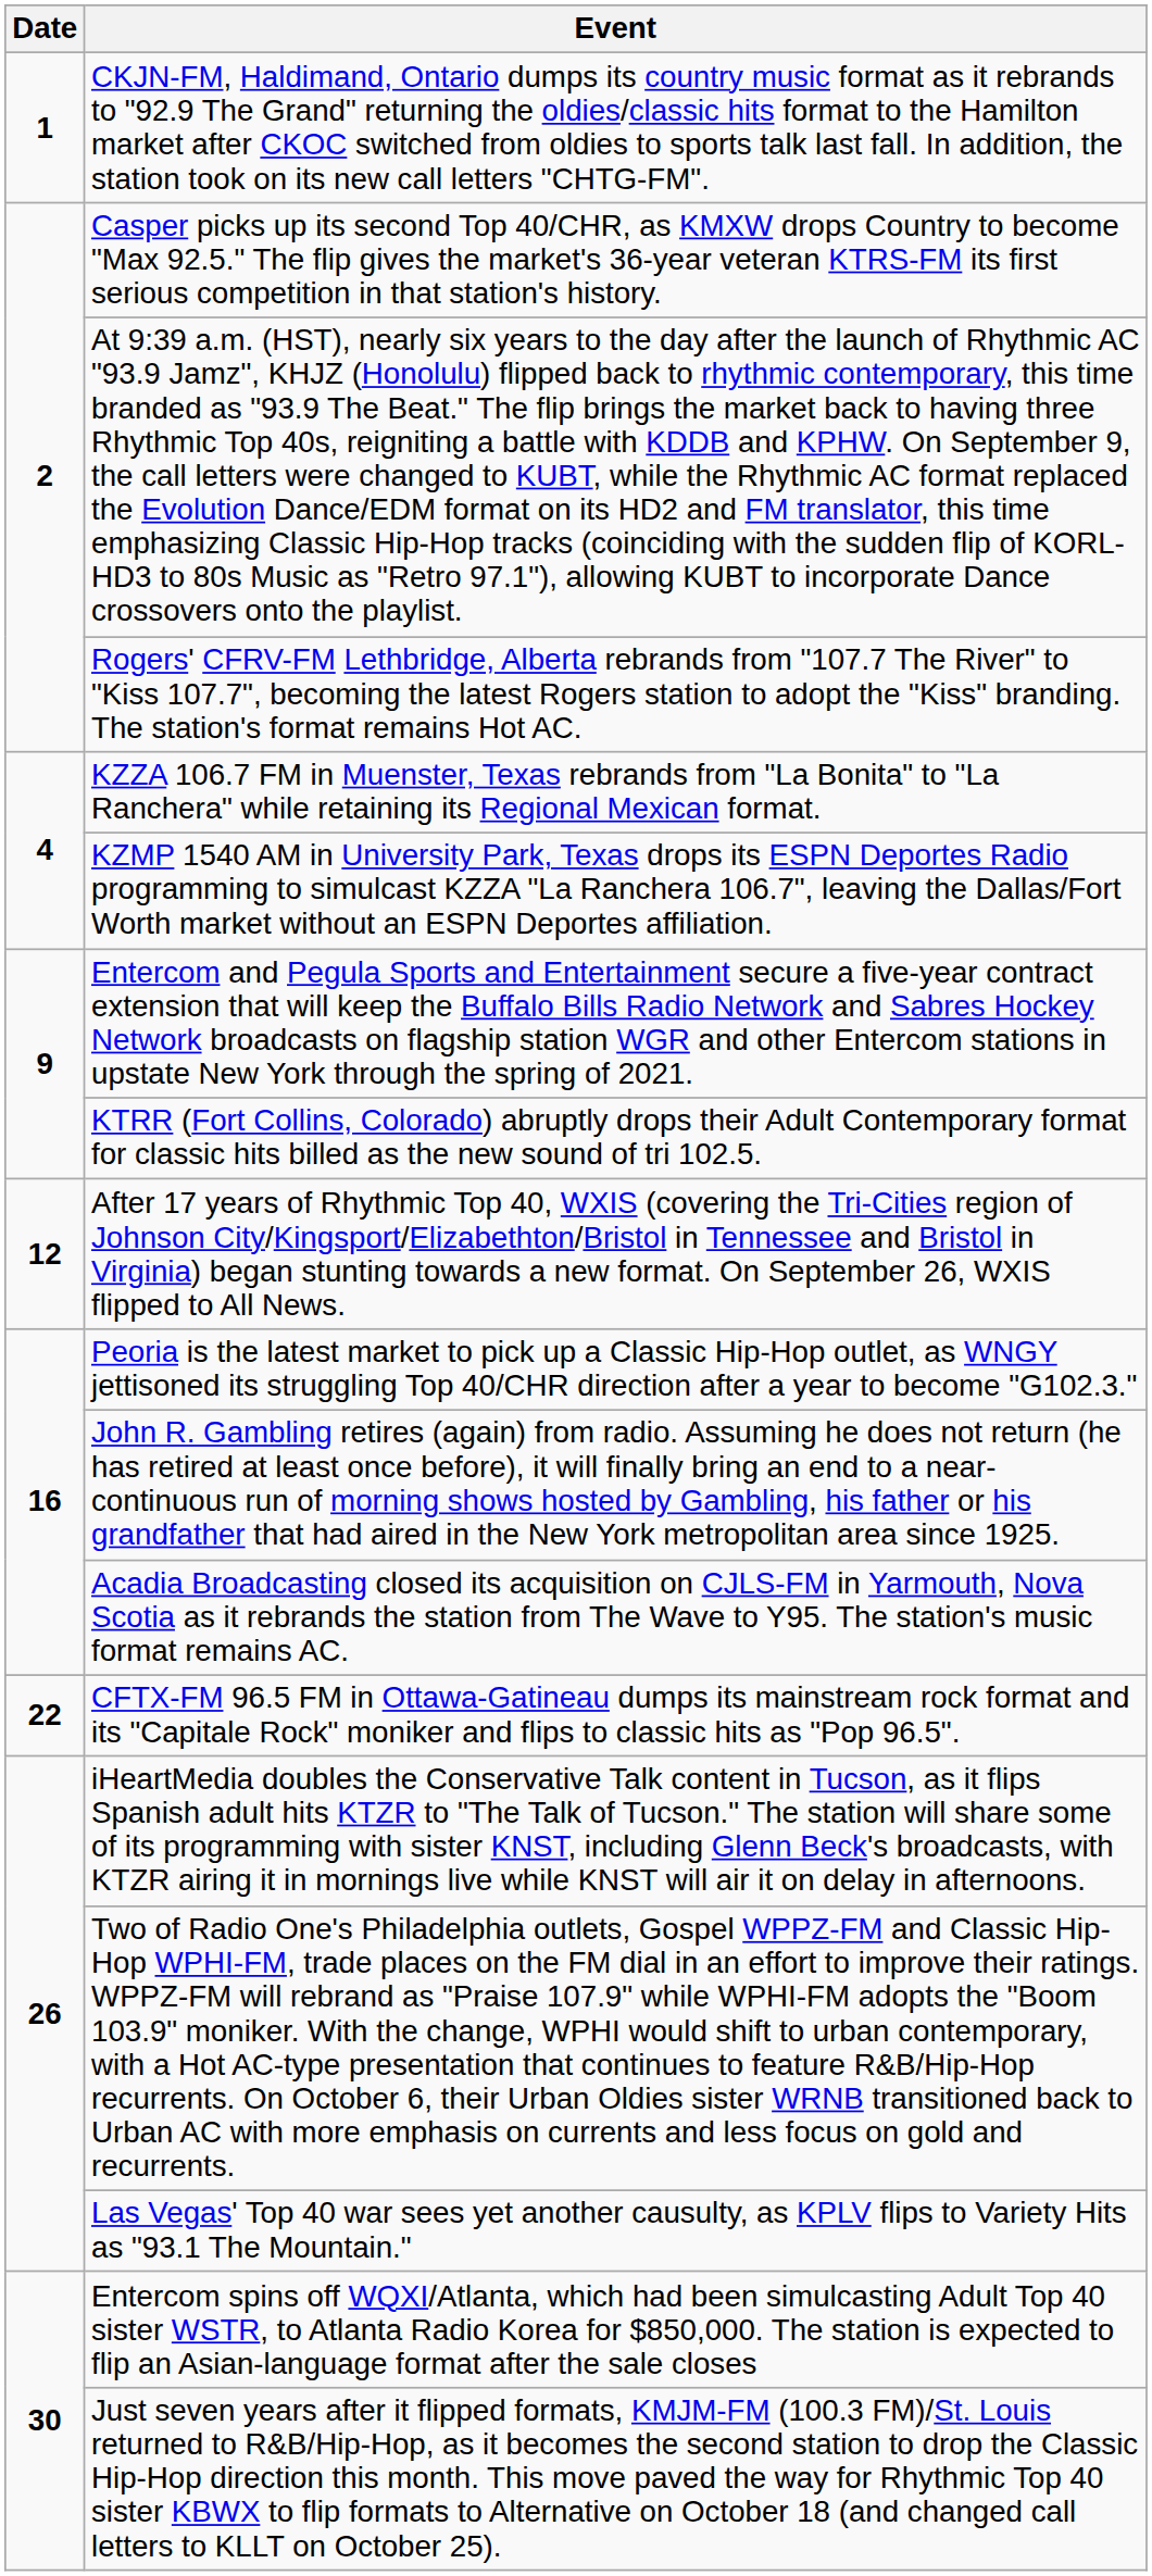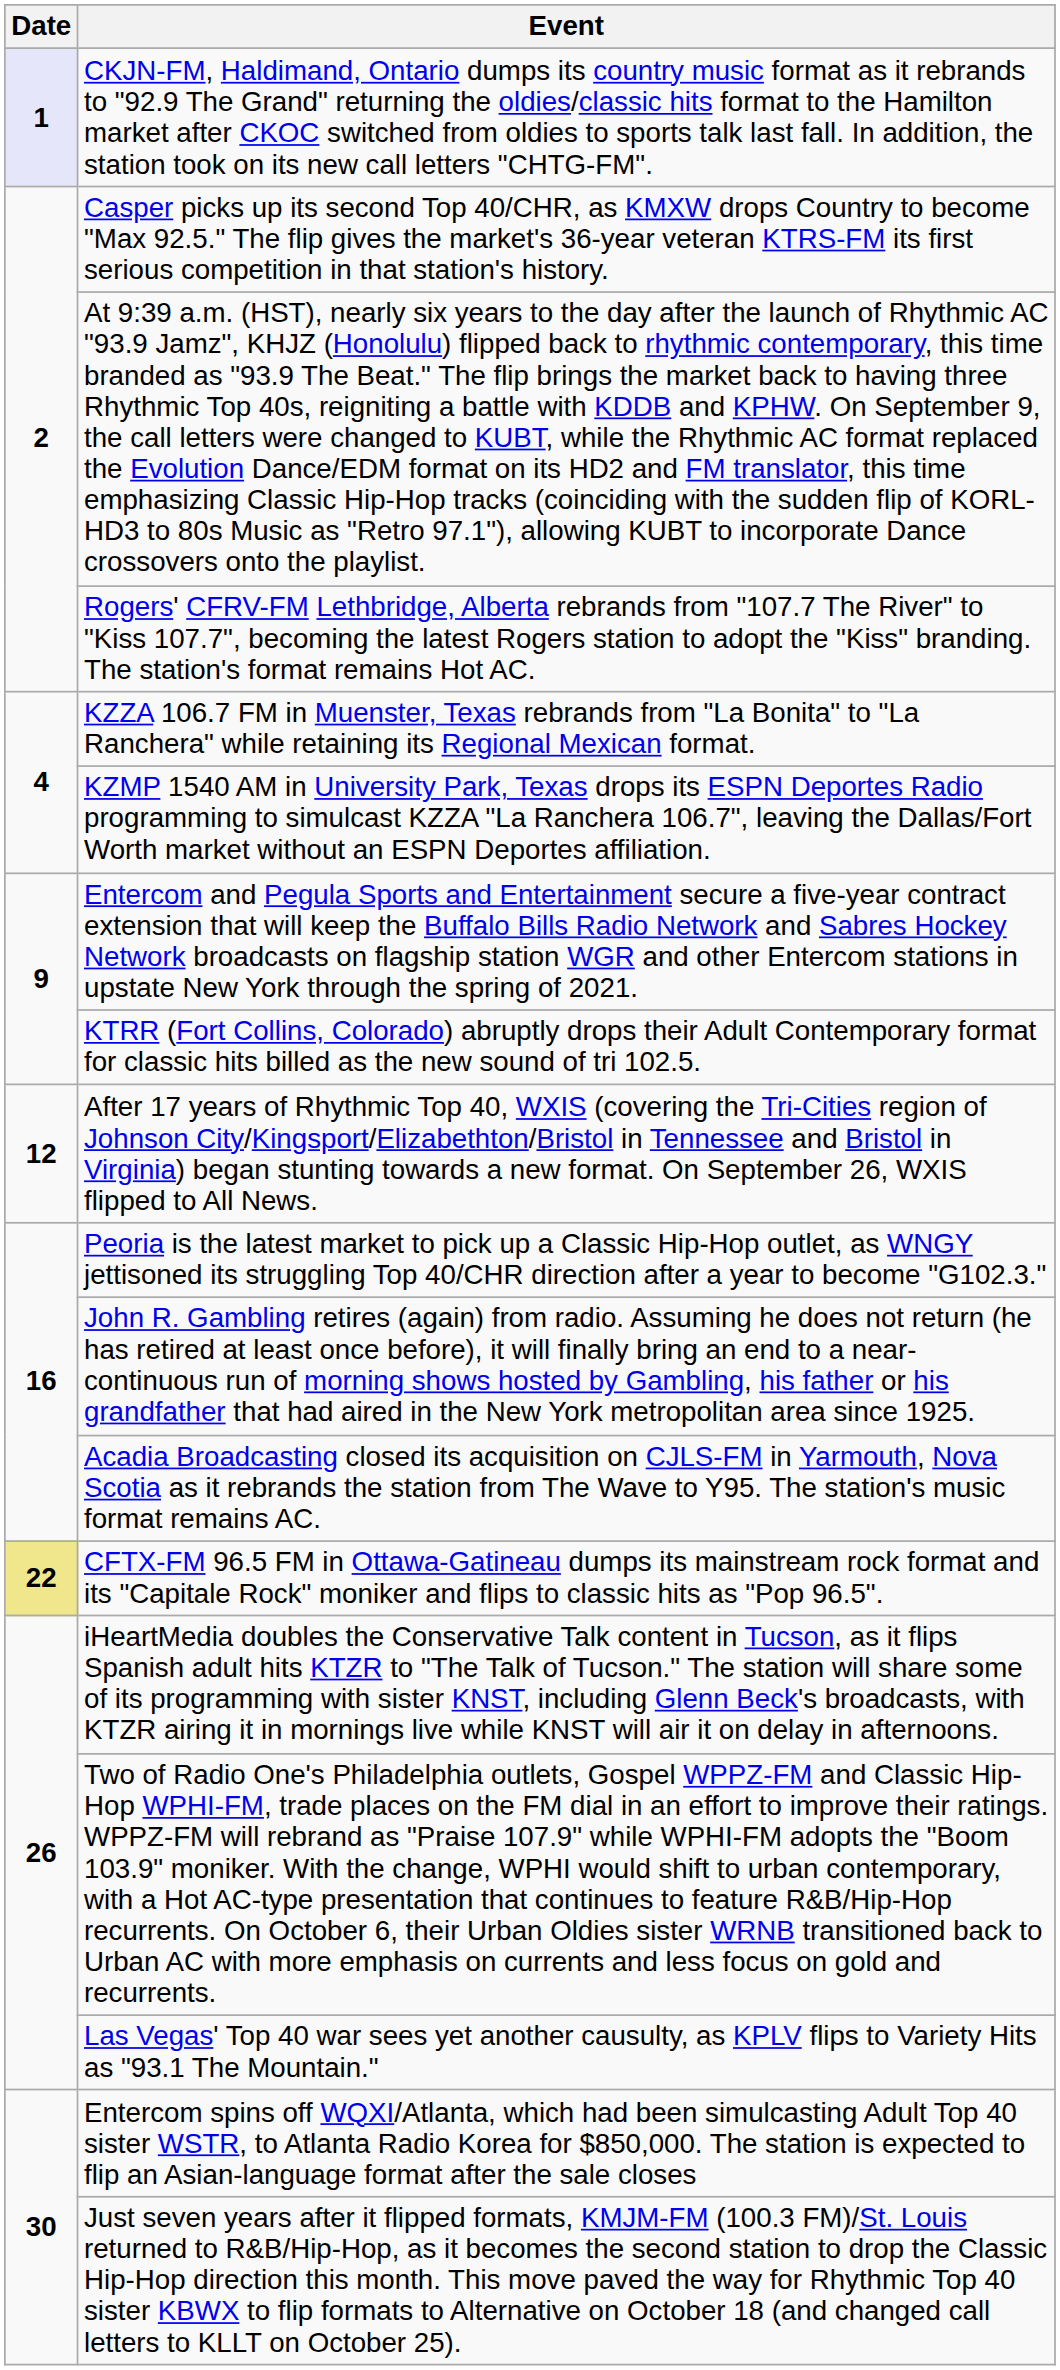 <table class="wikitable">
 <tr>
 <th>Date</th>
 <th>Event</th>
 </tr>
 <tr>
-<td style="text-align:center;"><strong>1</strong></td>
+<td style="background: lavender; text-align:center;"><strong>1</strong></td>
 <td><a href='#'>CKJN-FM</a>, <a href='#'>Haldimand, Ontario</a> dumps its <a href='#'>country music</a> format as it rebrands to "92.9 The Grand" returning the <a href='#'>oldies</a>/<a href='#'>classic hits</a> format to the Hamilton market after <a href='#'>CKOC</a> switched from oldies to sports talk last fall. In addition, the station took on its new call letters "CHTG-FM".</td>
 </tr>
 <tr>
 <td style="text-align:center;" rowspan=3><strong>2</strong></td>
 <td><a href='#'>Casper</a> picks up its second Top 40/CHR, as <a href='#'>KMXW</a> drops Country to become "Max 92.5." The flip gives the market's 36-year veteran <a href='#'>KTRS-FM</a> its first serious competition in that station's history.</td>
 </tr>
 <tr>
 <td>At 9:39 a.m. (HST), nearly six years to the day after the launch of Rhythmic AC "93.9 Jamz", KHJZ (<a href='#'>Honolulu</a>) flipped back to <a href='#'>rhythmic contemporary</a>, this time branded as "93.9 The Beat." The flip brings the market back to having three Rhythmic Top 40s, reigniting a battle with <a href='#'>KDDB</a> and <a href='#'>KPHW</a>. On September 9, the call letters were changed to <a href='#'>KUBT</a>, while the Rhythmic AC format replaced the <a href='#'>Evolution</a> Dance/EDM format on its HD2 and <a href='#'>FM translator</a>, this time emphasizing Classic Hip-Hop tracks (coinciding with the sudden flip of KORL-HD3 to 80s Music as "Retro 97.1"), allowing KUBT to incorporate Dance crossovers onto the playlist.</td>
 </tr>
 <tr>
 <td><a href='#'>Rogers</a>' <a href='#'>CFRV-FM</a> <a href='#'>Lethbridge, Alberta</a> rebrands from "107.7 The River" to "Kiss 107.7", becoming the latest Rogers station to adopt the "Kiss" branding. The station's format remains Hot AC.</td>
 </tr>
 <tr>
 <td style="text-align:center;" rowspan=2><strong>4</strong></td>
 <td><a href='#'>KZZA</a> 106.7 FM in <a href='#'>Muenster, Texas</a> rebrands from "La Bonita" to "La Ranchera" while retaining its <a href='#'>Regional Mexican</a> format.</td>
 </tr>
 <tr>
 <td><a href='#'>KZMP</a> 1540 AM in <a href='#'>University Park, Texas</a> drops its <a href='#'>ESPN Deportes Radio</a> programming to simulcast KZZA "La Ranchera 106.7", leaving the Dallas/Fort Worth market without an ESPN Deportes affiliation.</td>
 </tr>
 <tr>
 <td style="text-align:center;" rowspan=2><strong>9</strong></td>
 <td><a href='#'>Entercom</a> and <a href='#'>Pegula Sports and Entertainment</a> secure a five-year contract extension that will keep the <a href='#'>Buffalo Bills Radio Network</a> and <a href='#'>Sabres Hockey Network</a> broadcasts on flagship station <a href='#'>WGR</a> and other Entercom stations in upstate New York through the spring of 2021.</td>
 </tr>
 <tr>
 <td><a href='#'>KTRR</a> (<a href='#'>Fort Collins, Colorado</a>) abruptly drops their Adult Contemporary format for classic hits billed as the new sound of tri 102.5.</td>
 </tr>
 <tr>
 <td style="text-align:center;"><strong>12</strong></td>
 <td>After 17 years of Rhythmic Top 40, <a href='#'>WXIS</a> (covering the <a href='#'>Tri-Cities</a> region of <a href='#'>Johnson City</a>/<a href='#'>Kingsport</a>/<a href='#'>Elizabethton</a>/<a href='#'>Bristol</a> in <a href='#'>Tennessee</a> and <a href='#'>Bristol</a> in <a href='#'>Virginia</a>) began stunting towards a new format. On September 26, WXIS flipped to All News.</td>
 </tr>
 <tr>
 <td style="text-align:center;" rowspan=3><strong>16</strong></td>
 <td><a href='#'>Peoria</a> is the latest market to pick up a Classic Hip-Hop outlet, as <a href='#'>WNGY</a> jettisoned its struggling Top 40/CHR direction after a year to become "G102.3."</td>
 </tr>
 <tr>
 <td><a href='#'>John R. Gambling</a> retires (again) from radio. Assuming he does not return (he has retired at least once before), it will finally bring an end to a near-continuous run of <a href='#'>morning shows hosted by Gambling</a>, <a href='#'>his father</a> or <a href='#'>his grandfather</a> that had aired in the New York metropolitan area since 1925.</td>
 </tr>
 <tr>
 <td><a href='#'>Acadia Broadcasting</a> closed its acquisition on <a href='#'>CJLS-FM</a> in <a href='#'>Yarmouth</a>, <a href='#'>Nova Scotia</a> as it rebrands the station from The Wave to Y95. The station's music format remains AC.</td>
 </tr>
 <tr>
-<td style="text-align:center;"><strong>22</strong></td>
+<td style="background: khaki; text-align:center;"><strong>22</strong></td>
 <td><a href='#'>CFTX-FM</a> 96.5 FM in <a href='#'>Ottawa-Gatineau</a> dumps its mainstream rock format and its "Capitale Rock" moniker and flips to classic hits as "Pop 96.5".</td>
 </tr>
 <tr>
 <td style="text-align:center;" rowspan=3><strong>26</strong></td>
 <td>iHeartMedia doubles the Conservative Talk content in <a href='#'>Tucson</a>, as it flips Spanish adult hits <a href='#'>KTZR</a> to "The Talk of Tucson." The station will share some of its programming with sister <a href='#'>KNST</a>, including <a href='#'>Glenn Beck</a>'s broadcasts, with KTZR airing it in mornings live while KNST will air it on delay in afternoons.</td>
 </tr>
 <tr>
 <td>Two of Radio One's Philadelphia outlets, Gospel <a href='#'>WPPZ-FM</a> and Classic Hip-Hop <a href='#'>WPHI-FM</a>, trade places on the FM dial in an effort to improve their ratings. WPPZ-FM will rebrand as "Praise 107.9" while WPHI-FM adopts the "Boom 103.9" moniker. With the change, WPHI would shift to urban contemporary, with a Hot AC-type presentation that continues to feature R&B/Hip-Hop recurrents. On October 6, their Urban Oldies sister <a href='#'>WRNB</a> transitioned back to Urban AC with more emphasis on currents and less focus on gold and recurrents.</td>
 </tr>
 <tr>
 <td><a href='#'>Las Vegas</a>' Top 40 war sees yet another causulty, as <a href='#'>KPLV</a> flips to Variety Hits as "93.1 The Mountain."</td>
 </tr>
 <tr>
 <td style="text-align:center;" rowspan=2><strong>30</strong></td>
 <td>Entercom spins off <a href='#'>WQXI</a>/Atlanta, which had been simulcasting Adult Top 40 sister <a href='#'>WSTR</a>, to Atlanta Radio Korea for $850,000. The station is expected to flip an Asian-language format after the sale closes</td>
 </tr>
 <tr>
 <td>Just seven years after it flipped formats, <a href='#'>KMJM-FM</a> (100.3 FM)/<a href='#'>St. Louis</a> returned to R&B/Hip-Hop, as it becomes the second station to drop the Classic Hip-Hop direction this month. This move paved the way for Rhythmic Top 40 sister <a href='#'>KBWX</a> to flip formats to Alternative on October 18 (and changed call letters to KLLT on October 25).</td>
 </tr>
 </table>
